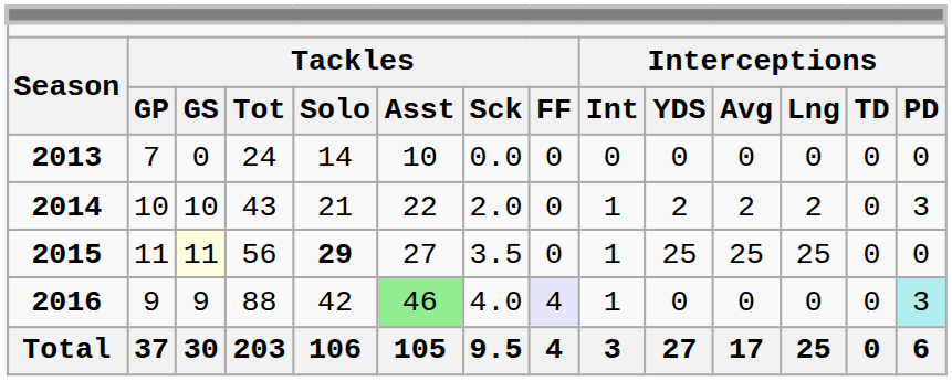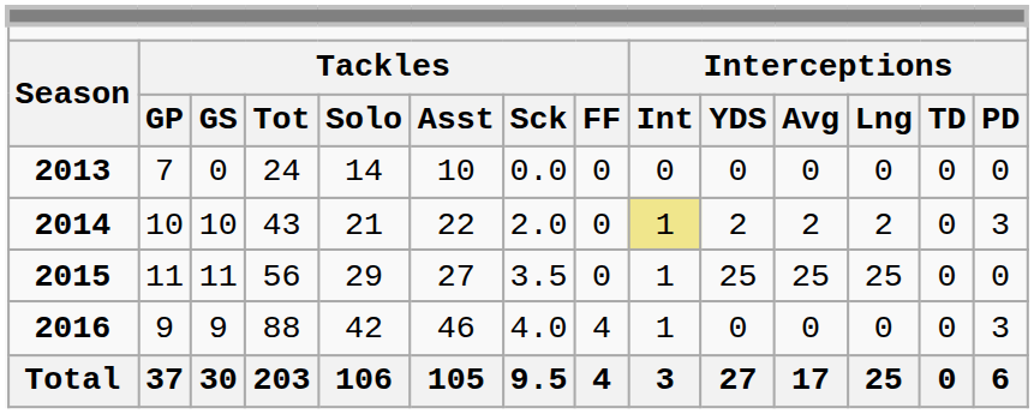 <table class=wikitable style="text-align:center;">
 <tr>
 <td ! colspan="14" style="background:gray; border:2px solid silver; color:white;"></td>
 </tr>
 <tr>
 <td ! colspan="14"></td>
 </tr>
 <tr>
 <th rowspan=2>Season</th>
 <th colspan=7>Tackles</th>
 <th colspan=6>Interceptions</th>
 </tr>
 <tr>
 <th>GP</th>
 <th>GS</th>
 <th>Tot</th>
 <th>Solo</th>
 <th>Asst</th>
 <th>Sck</th>
 <th>FF</th>
 <th>Int</th>
 <th>YDS</th>
 <th>Avg</th>
 <th>Lng</th>
 <th>TD</th>
 <th>PD</th>
 </tr>
 <tr>
 <td><strong>2013</strong></td>
 <td>7</td>
 <td>0</td>
 <td>24</td>
 <td>14</td>
 <td>10</td>
 <td>0.0</td>
 <td>0</td>
 <td>0</td>
 <td>0</td>
 <td>0</td>
 <td>0</td>
 <td>0</td>
 <td>0</td>
 </tr>
 <tr>
 <td><strong>2014</strong></td>
 <td>10</td>
 <td>10</td>
 <td>43</td>
 <td>21</td>
 <td>22</td>
 <td>2.0</td>
 <td>0</td>
-<td>1</td>
+<td style="background: khaki;">1</td>
 <td>2</td>
 <td>2</td>
 <td>2</td>
 <td>0</td>
 <td>3</td>
 </tr>
 <tr>
 <td><strong>2015</strong></td>
 <td>11</td>
-<td style="background: lightyellow;">11</td>
+<td>11</td>
 <td>56</td>
-<td><strong>29</strong></td>
+<td>29</td>
 <td>27</td>
 <td>3.5</td>
 <td>0</td>
 <td>1</td>
 <td>25</td>
 <td>25</td>
 <td>25</td>
 <td>0</td>
 <td>0</td>
 </tr>
 <tr>
 <td><strong>2016</strong></td>
 <td>9</td>
 <td>9</td>
 <td>88</td>
 <td>42</td>
-<td style="background: lightgreen;">46</td>
+<td>46</td>
 <td>4.0</td>
-<td style="background: lavender;">4</td>
+<td>4</td>
 <td>1</td>
 <td>0</td>
 <td>0</td>
 <td>0</td>
 <td>0</td>
-<td style="background: paleturquoise;">3</td>
+<td>3</td>
 </tr>
 <tr>
 <th><strong>Total</strong></th>
 <th><strong>37</strong></th>
 <th><strong>30</strong></th>
 <th><strong>203</strong></th>
 <th><strong>106</strong></th>
 <th><strong>105</strong></th>
 <th><strong>9.5</strong></th>
 <th><strong>4</strong></th>
 <th><strong>3</strong></th>
 <th><strong>27</strong></th>
 <th><strong>17</strong></th>
 <th><strong>25</strong></th>
 <th><strong>0</strong></th>
 <th><strong>6</strong></th>
 </tr>
 </table>
